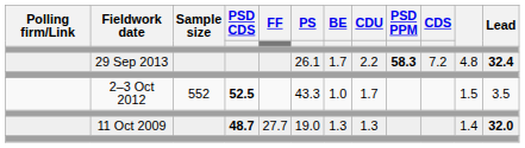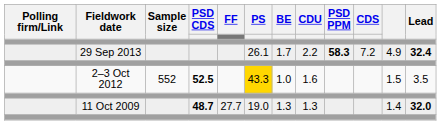 <table class="wikitable collapsible sortable" style="text-align:center; font-size:95%; line-height:16px;">
 <tr style="height:42px;">
 <th style="width:145px;" rowspan="2">Polling firm/Link</th>
 <th style="width:125px;" rowspan="2">Fieldwork date</th>
 <th class="unsortable" style="width:50px;" rowspan="2">Sample size</th>
 <th class="unsortable" style="width:35px;"><a href='#'>PSD</a><br><a href='#'>CDS</a></th>
 <th class="unsortable" style="width:35px;"><a href='#'>FF</a></th>
 <th class="unsortable" style="width:35px;"><a href='#'>PS</a></th>
 <th class="unsortable" style="width:35px;"><a href='#'>BE</a></th>
 <th class="unsortable" style="width:35px;"><a href='#'>CDU</a></th>
 <th class="unsortable" style="width:35px;"><a href='#'>PSD</a><br><a href='#'>PPM</a></th>
 <th class="unsortable" style="width:35px;"><a href='#'>CDS</a></th>
 <th class="unsortable" style="width:35px;" rowspan="2"></th>
 <th class="unsortable" style="width:30px;" rowspan="2">Lead</th>
 </tr>
 <tr>
 <th class="unsortable" style="color:inherit;background:"></th>
 <th class="unsortable" style="color:inherit;background:#777777;"></th>
 <th class="unsortable" style="color:inherit;background:"></th>
 <th class="unsortable" style="color:inherit;background:"></th>
 <th class="unsortable" style="color:inherit;background:"></th>
 <th class="unsortable" style="color:inherit;background:"></th>
 <th class="unsortable" style="color:inherit;background:"></th>
 </tr>
 <tr>
 <td colspan="13" style="background:#A0A0A0"></td>
 </tr>
 <tr style="background:#EFEFEF;">
 <td><strong></strong></td>
 <td data-sort-value="2019-10-06">29 Sep 2013</td>
 <td></td>
 <td></td>
 <td></td>
 <td>26.1<br></td>
 <td>1.7<br></td>
 <td>2.2<br></td>
 <td><strong>58.3</strong><br></td>
 <td>7.2<br></td>
-<td>4.8<br></td>
+<td>4.9<br></td>
 <td style="background:"><strong>32.4</strong></td>
 </tr>
 <tr>
 <td colspan="13" style="background:#A0A0A0"></td>
 </tr>
 <tr>
 <td align="center"></td>
 <td align="center">2–3 Oct 2012</td>
 <td>552</td>
 <td><strong>52.5</strong></td>
 <td></td>
-<td align="center">43.3</td>
+<td align="center" style="background: gold;">43.3</td>
 <td align="center">1.0</td>
-<td align="center">1.7</td>
+<td align="center">1.6</td>
 <td></td>
 <td></td>
 <td align="center">1.5</td>
 <td style="background:">3.5</td>
 </tr>
 <tr>
 <td colspan="13" style="background:#A0A0A0"></td>
 </tr>
 <tr style="background:#EFEFEF;">
 <td><strong></strong></td>
 <td data-sort-value="2019-10-06">11 Oct 2009</td>
 <td></td>
 <td><strong>48.7</strong><br></td>
 <td>27.7<br></td>
 <td>19.0<br></td>
 <td>1.3<br></td>
 <td>1.3<br></td>
 <td></td>
 <td></td>
 <td>1.4<br></td>
 <td style="background:"><strong>32.0</strong></td>
 </tr>
 <tr>
 <td colspan="13" style="background:#A0A0A0"></td>
 </tr>
 </table>
